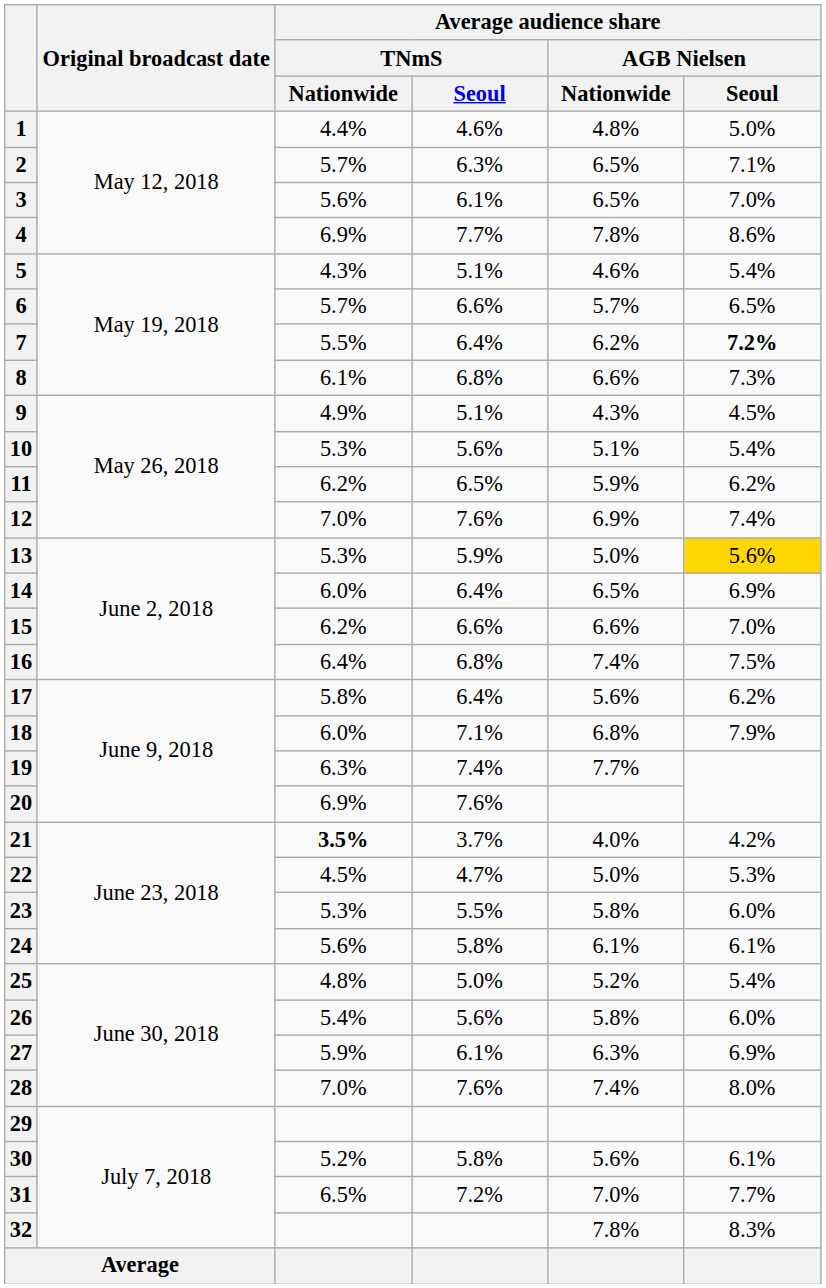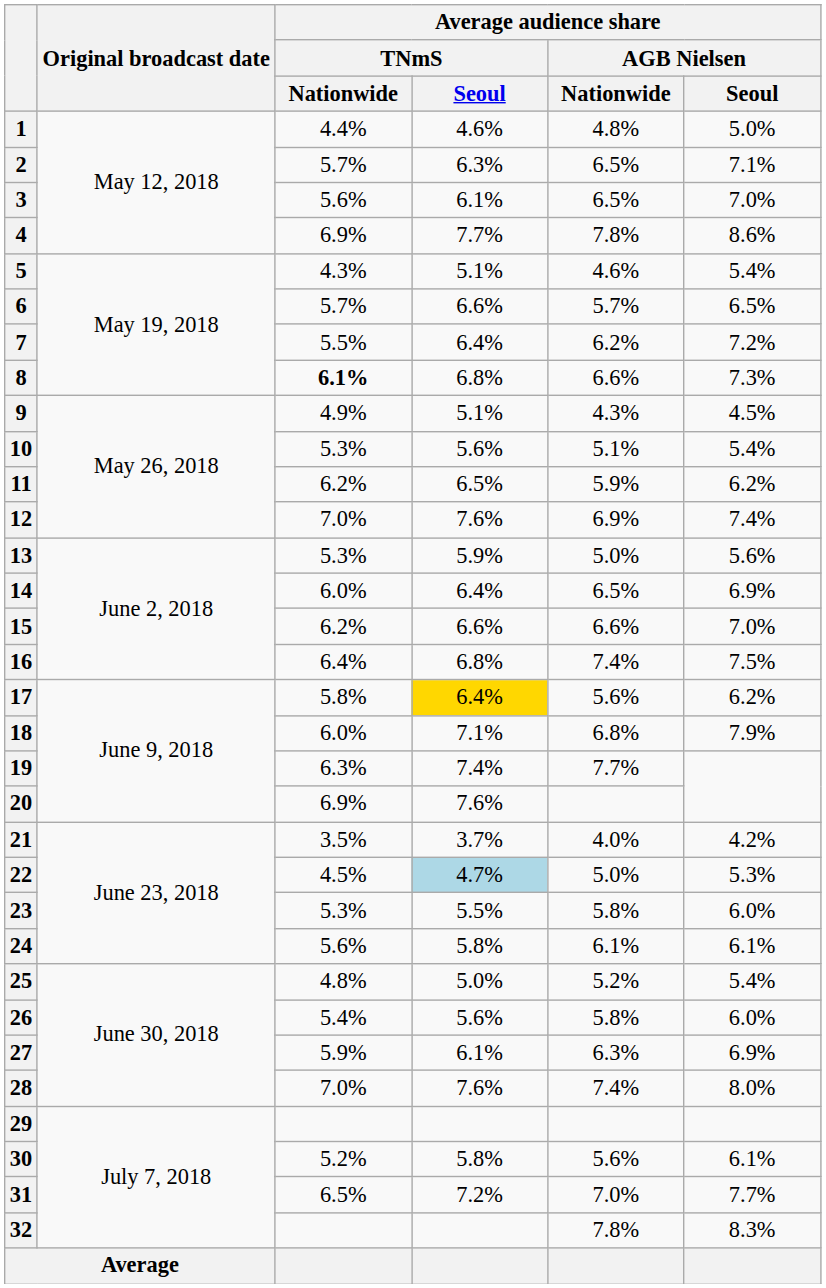 <table class="wikitable" style="text-align:center">
 <tr>
 <th rowspan="3"></th>
 <th rowspan="3">Original broadcast date</th>
 <th colspan="4">Average audience share</th>
 </tr>
 <tr>
 <th colspan="2">TNmS</th>
 <th colspan="2">AGB Nielsen</th>
 </tr>
 <tr>
 <th width="90">Nationwide</th>
 <th width="90"><a href='#'>Seoul</a></th>
 <th width="90">Nationwide</th>
 <th width="90">Seoul</th>
 </tr>
 <tr>
 <th>1</th>
 <td rowspan="4">May 12, 2018</td>
 <td>4.4% </td>
 <td>4.6%</td>
 <td>4.8% </td>
 <td>5.0% </td>
 </tr>
 <tr>
 <th>2</th>
 <td>5.7% </td>
 <td>6.3%</td>
 <td>6.5% </td>
 <td>7.1% </td>
 </tr>
 <tr>
 <th>3</th>
 <td>5.6% </td>
 <td>6.1%</td>
 <td>6.5% </td>
 <td>7.0% </td>
 </tr>
 <tr>
 <th>4</th>
 <td>6.9% </td>
 <td>7.7%</td>
 <td>7.8% </td>
 <td>8.6% </td>
 </tr>
 <tr>
 <th>5</th>
 <td rowspan="4">May 19, 2018</td>
 <td>4.3% </td>
 <td>5.1%</td>
 <td>4.6% </td>
 <td>5.4% </td>
 </tr>
 <tr>
 <th>6</th>
 <td>5.7% </td>
 <td>6.6%</td>
 <td>5.7% </td>
 <td>6.5% </td>
 </tr>
 <tr>
 <th>7</th>
 <td>5.5% </td>
 <td>6.4%</td>
 <td>6.2% </td>
-<td><strong>7.2% </strong></td>
+<td>7.2% </td>
 </tr>
 <tr>
 <th>8</th>
-<td>6.1% </td>
+<td><strong>6.1% </strong></td>
 <td>6.8%</td>
 <td>6.6% </td>
 <td>7.3% </td>
 </tr>
 <tr>
 <th>9</th>
 <td rowspan="4">May 26, 2018</td>
 <td>4.9% </td>
 <td>5.1%</td>
 <td>4.3% </td>
 <td>4.5% </td>
 </tr>
 <tr>
 <th>10</th>
 <td>5.3% </td>
 <td>5.6%</td>
 <td>5.1% </td>
 <td>5.4% </td>
 </tr>
 <tr>
 <th>11</th>
 <td>6.2% </td>
 <td>6.5%</td>
 <td>5.9% </td>
 <td>6.2% </td>
 </tr>
 <tr>
 <th>12</th>
 <td>7.0% </td>
 <td>7.6%</td>
 <td>6.9% </td>
 <td>7.4% </td>
 </tr>
 <tr>
 <th>13</th>
 <td rowspan="4">June 2, 2018</td>
 <td>5.3% </td>
 <td>5.9%</td>
 <td>5.0% </td>
-<td style="background: gold;">5.6% </td>
+<td>5.6% </td>
 </tr>
 <tr>
 <th>14</th>
 <td>6.0% </td>
 <td>6.4%</td>
 <td>6.5% </td>
 <td>6.9% </td>
 </tr>
 <tr>
 <th>15</th>
 <td>6.2% </td>
 <td>6.6%</td>
 <td>6.6% </td>
 <td>7.0% </td>
 </tr>
 <tr>
 <th>16</th>
 <td>6.4% </td>
 <td>6.8%</td>
 <td>7.4% </td>
 <td>7.5% </td>
 </tr>
 <tr>
 <th>17</th>
 <td rowspan="4">June 9, 2018</td>
 <td>5.8% </td>
-<td>6.4%</td>
+<td style="background: gold;">6.4%</td>
 <td>5.6% </td>
 <td>6.2% </td>
 </tr>
 <tr>
 <th>18</th>
 <td>6.0% </td>
 <td>7.1%</td>
 <td>6.8% </td>
 <td>7.9% </td>
 </tr>
 <tr>
 <th>19</th>
 <td>6.3% </td>
 <td>7.4%</td>
 <td>7.7% </td>
 <td rowspan="2"> </td>
 </tr>
 <tr>
 <th>20</th>
 <td>6.9% </td>
 <td>7.6%</td>
 <td> </td>
 </tr>
 <tr>
 <th>21</th>
 <td rowspan="4">June 23, 2018</td>
-<td><strong>3.5%</strong></td>
+<td>3.5%</td>
 <td>3.7%</td>
 <td>4.0% </td>
 <td>4.2% </td>
 </tr>
 <tr>
 <th>22</th>
 <td>4.5%</td>
-<td>4.7%</td>
+<td style="background: lightblue;">4.7%</td>
 <td>5.0% </td>
 <td>5.3% </td>
 </tr>
 <tr>
 <th>23</th>
 <td>5.3%</td>
 <td>5.5%</td>
 <td>5.8% </td>
 <td>6.0% </td>
 </tr>
 <tr>
 <th>24</th>
 <td>5.6%</td>
 <td>5.8%</td>
 <td>6.1% </td>
 <td>6.1% </td>
 </tr>
 <tr>
 <th>25</th>
 <td rowspan="4">June 30, 2018</td>
 <td>4.8% </td>
 <td>5.0%</td>
 <td>5.2% </td>
 <td>5.4% </td>
 </tr>
 <tr>
 <th>26</th>
 <td>5.4% </td>
 <td>5.6%</td>
 <td>5.8% </td>
 <td>6.0% </td>
 </tr>
 <tr>
 <th>27</th>
 <td>5.9% </td>
 <td>6.1%</td>
 <td>6.3% </td>
 <td>6.9% </td>
 </tr>
 <tr>
 <th>28</th>
 <td>7.0% </td>
 <td>7.6%</td>
 <td>7.4% </td>
 <td>8.0% </td>
 </tr>
 <tr>
 <th>29</th>
 <td rowspan="4">July 7, 2018</td>
 <td></td>
 <td></td>
 <td> </td>
 <td> </td>
 </tr>
 <tr>
 <th>30</th>
 <td>5.2%</td>
 <td>5.8%</td>
 <td>5.6% </td>
 <td>6.1% </td>
 </tr>
 <tr>
 <th>31</th>
 <td>6.5%</td>
 <td>7.2%</td>
 <td>7.0% </td>
 <td>7.7% </td>
 </tr>
 <tr>
 <th>32</th>
 <td></td>
 <td></td>
 <td>7.8% </td>
 <td>8.3% </td>
 </tr>
 <tr>
 <th colspan="2">Average</th>
 <th></th>
 <th></th>
 <th></th>
 <th></th>
 </tr>
 </table>
